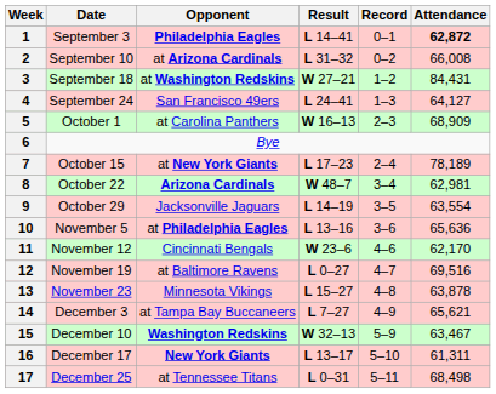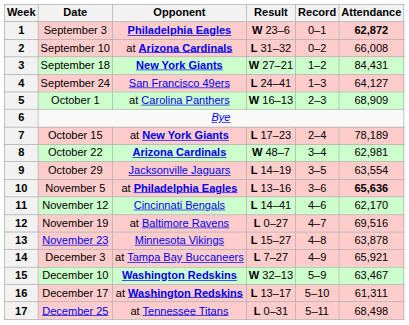 <table class="wikitable" style="text-align:center">
 <tr>
 <th>Week</th>
 <th>Date</th>
 <th>Opponent</th>
 <th>Result</th>
 <th>Record</th>
 <th>Attendance</th>
 </tr>
 <tr style="background:#fcc">
 <th>1</th>
 <td>September 3</td>
 <td><strong><a href='#'>Philadelphia Eagles</a></strong></td>
-<td><strong>L</strong> 14–41</td>
+<td><strong>W</strong> 23–6</td>
 <td>0–1</td>
 <td><strong>62,872</strong></td>
 </tr>
 <tr style="background:#fcc">
 <th>2</th>
 <td>September 10</td>
 <td>at <strong><a href='#'>Arizona Cardinals</a></strong></td>
 <td><strong>L</strong> 31–32</td>
 <td>0–2</td>
 <td>66,008</td>
 </tr>
 <tr style="background:#cfc">
 <th>3</th>
 <td>September 18</td>
-<td>at <strong><a href='#'>Washington Redskins</a></strong></td>
+<td><strong><a href='#'>New York Giants</a></strong></td>
 <td><strong>W</strong> 27–21</td>
 <td>1–2</td>
 <td>84,431</td>
 </tr>
 <tr style="background:#fcc">
 <th>4</th>
 <td>September 24</td>
 <td><a href='#'>San Francisco 49ers</a></td>
 <td><strong>L</strong> 24–41</td>
 <td>1–3</td>
 <td>64,127</td>
 </tr>
 <tr style="background:#cfc">
 <th>5</th>
 <td>October 1</td>
 <td>at <a href='#'>Carolina Panthers</a></td>
 <td><strong>W</strong> 16–13 </td>
 <td>2–3</td>
 <td>68,909</td>
 </tr>
 <tr>
 <th>6</th>
 <td colspan="5"><em><a href='#'>Bye</a></em></td>
 </tr>
 <tr style="background:#fcc">
 <th>7</th>
 <td>October 15</td>
 <td>at <strong><a href='#'>New York Giants</a></strong></td>
 <td><strong>L</strong> 17–23 </td>
 <td>2–4</td>
 <td>78,189</td>
 </tr>
 <tr style="background:#cfc">
 <th>8</th>
 <td>October 22</td>
 <td><strong><a href='#'>Arizona Cardinals</a></strong></td>
 <td><strong>W</strong> 48–7</td>
 <td>3–4</td>
 <td>62,981</td>
 </tr>
 <tr style="background:#fcc">
 <th>9</th>
 <td>October 29</td>
 <td><a href='#'>Jacksonville Jaguars</a></td>
 <td><strong>L</strong> 14–19</td>
 <td>3–5</td>
 <td>63,554</td>
 </tr>
 <tr style="background:#fcc">
 <th>10</th>
 <td>November 5</td>
 <td>at <strong><a href='#'>Philadelphia Eagles</a></strong></td>
 <td><strong>L</strong> 13–16 </td>
 <td>3–6</td>
-<td>65,636</td>
+<td><strong>65,636</strong></td>
 </tr>
 <tr style="background:#cfc">
 <th>11</th>
 <td>November 12</td>
 <td><a href='#'>Cincinnati Bengals</a></td>
-<td><strong>W</strong> 23–6</td>
+<td><strong>L</strong> 14–41</td>
 <td>4–6</td>
 <td>62,170</td>
 </tr>
 <tr style="background:#fcc">
 <th>12</th>
 <td>November 19</td>
 <td>at <a href='#'>Baltimore Ravens</a></td>
 <td><strong>L</strong> 0–27</td>
 <td>4–7</td>
 <td>69,516</td>
 </tr>
 <tr style="background:#fcc">
 <th>13</th>
 <td><a href='#'>November 23</a></td>
 <td><a href='#'>Minnesota Vikings</a></td>
 <td><strong>L</strong> 15–27</td>
 <td>4–8</td>
 <td>63,878</td>
 </tr>
 <tr style="background:#fcc">
 <th>14</th>
 <td>December 3</td>
 <td>at <a href='#'>Tampa Bay Buccaneers</a></td>
 <td><strong>L</strong> 7–27</td>
 <td>4–9</td>
-<td>65,621</td>
+<td>65,921</td>
 </tr>
 <tr style="background:#cfc">
 <th>15</th>
 <td>December 10</td>
 <td><strong><a href='#'>Washington Redskins</a></strong></td>
 <td><strong>W</strong> 32–13</td>
 <td>5–9</td>
 <td>63,467</td>
 </tr>
 <tr style="background:#fcc">
 <th>16</th>
 <td>December 17</td>
-<td><strong><a href='#'>New York Giants</a></strong></td>
+<td>at <strong><a href='#'>Washington Redskins</a></strong></td>
 <td><strong>L</strong> 13–17</td>
 <td>5–10</td>
 <td>61,311</td>
 </tr>
 <tr style="background:#fcc">
 <th>17</th>
 <td><a href='#'>December 25</a></td>
 <td>at <a href='#'>Tennessee Titans</a></td>
 <td><strong>L</strong> 0–31</td>
 <td>5–11</td>
 <td>68,498</td>
 </tr>
 </table>
